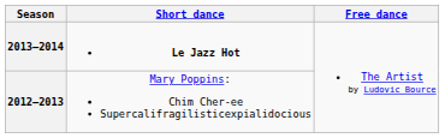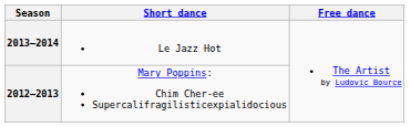 <table class="wikitable" style="text-align:center">
 <tr>
 <th>Season</th>
 <th><a href='#'>Short dance</a></th>
 <th><a href='#'>Free dance</a></th>
 </tr>
 <tr>
 <th>2013–2014 <br> </th>
-<td><strong><br><ul><li>Le Jazz Hot</li></ul></strong></td>
+<td><br><ul><li>Le Jazz Hot</li></ul></td>
 <td rowspan=2><br><ul><li><a href='#'>The Artist</a> <br><small> by <a href='#'>Ludovic Bource</a> </small></li></ul></td>
 </tr>
 <tr>
 <th>2012–2013 <br> </th>
 <td><a href='#'>Mary Poppins</a>:<br><ul><li>Chim Cher-ee</li><li>Supercalifragilisticexpialidocious</li></ul></td>
 </tr>
 </table>
